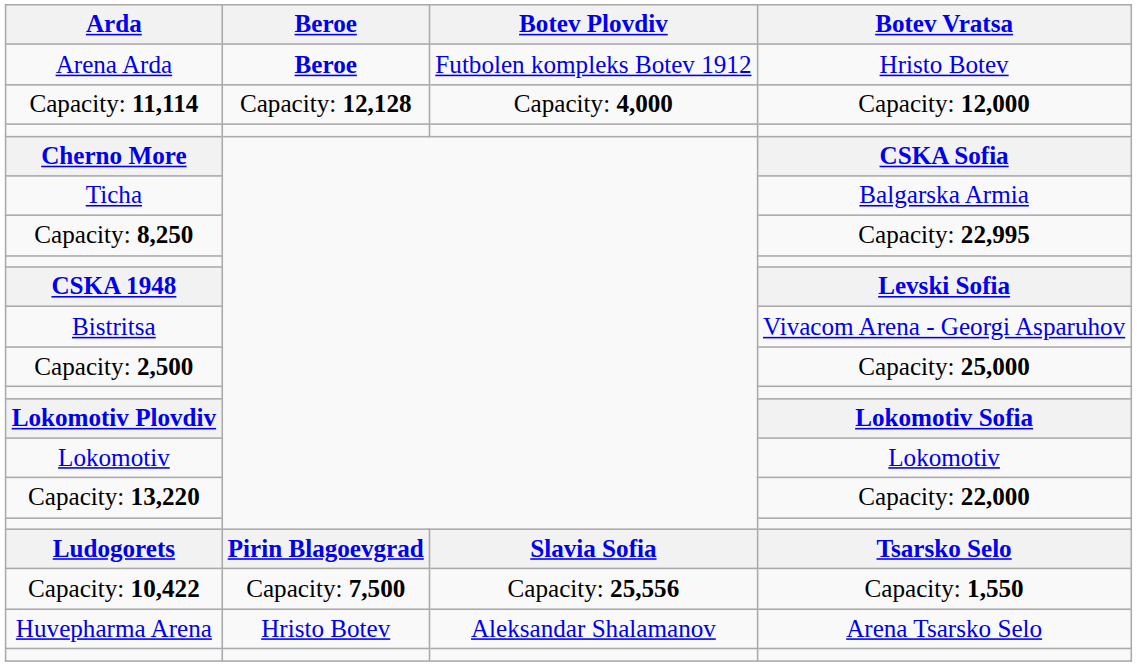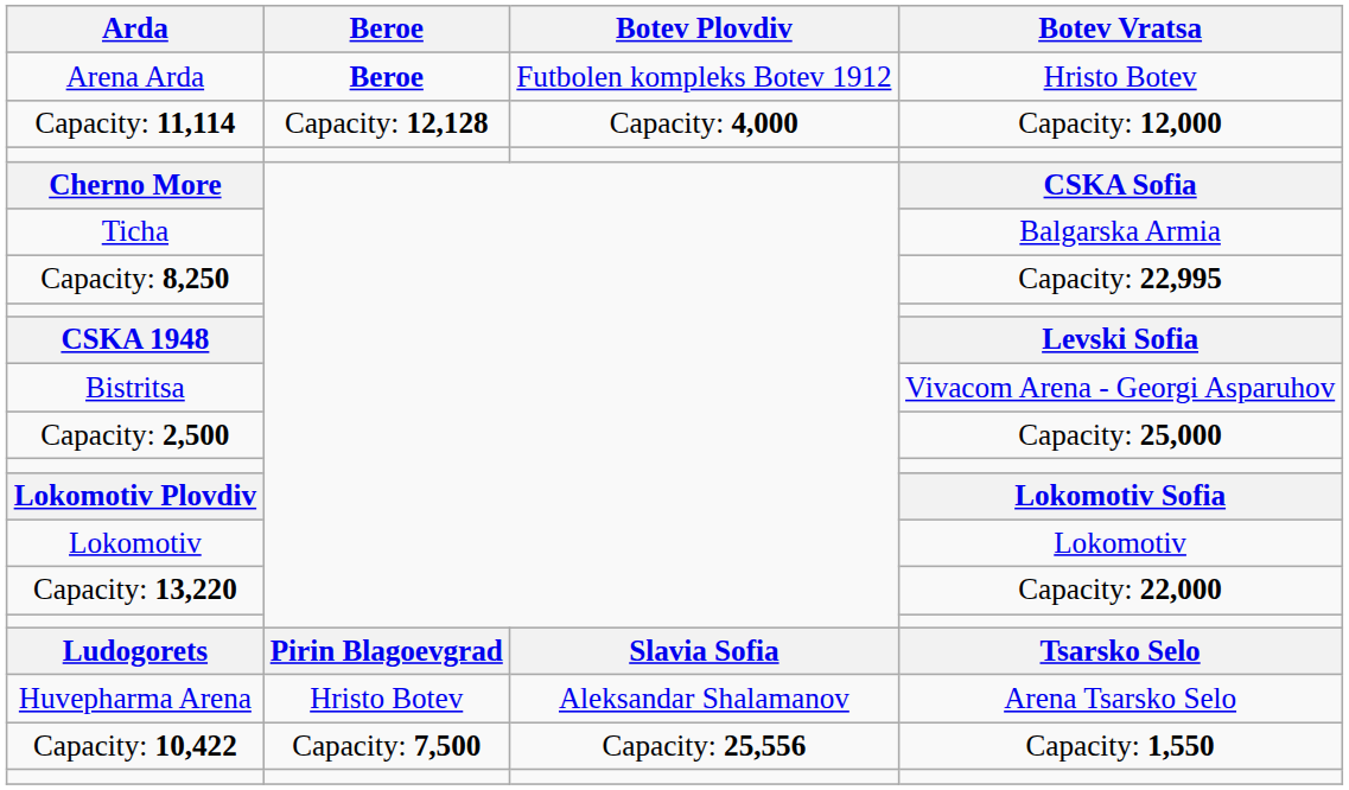 <table class="wikitable" style="text-align:center; margin:0.5em auto;">
 <tr>
 <th><a href='#'>Arda</a></th>
 <th><a href='#'>Beroe</a></th>
 <th><a href='#'>Botev Plovdiv</a></th>
 <th><a href='#'>Botev Vratsa</a></th>
 </tr>
 <tr>
 <td><a href='#'>Arena Arda</a></td>
 <td><strong><a href='#'>Beroe</a></strong></td>
 <td><a href='#'>Futbolen kompleks Botev 1912</a></td>
 <td><a href='#'>Hristo Botev</a></td>
 </tr>
 <tr>
 <td>Capacity: <strong>11,114</strong></td>
 <td>Capacity: <strong>12,128</strong></td>
 <td>Capacity: <strong>4,000</strong></td>
 <td>Capacity: <strong>12,000</strong></td>
 </tr>
 <tr>
 <td></td>
 <td></td>
 <td></td>
 <td></td>
 </tr>
 <tr>
 <th><a href='#'>Cherno More</a></th>
 <td colspan="2" rowspan="12"><br> </td>
 <th><a href='#'>CSKA Sofia</a></th>
 </tr>
 <tr>
 <td><a href='#'>Ticha</a></td>
 <td><a href='#'>Balgarska Armia</a></td>
 </tr>
 <tr>
 <td>Capacity: <strong>8,250</strong></td>
 <td>Capacity: <strong>22,995</strong></td>
 </tr>
 <tr>
 <td></td>
 <td></td>
 </tr>
 <tr>
 <th><a href='#'>CSKA 1948</a></th>
 <th><a href='#'>Levski Sofia</a></th>
 </tr>
 <tr>
 <td><a href='#'>Bistritsa</a></td>
 <td><a href='#'>Vivacom Arena - Georgi Asparuhov</a></td>
 </tr>
 <tr>
 <td>Capacity: <strong>2,500</strong></td>
 <td>Capacity: <strong>25,000</strong></td>
 </tr>
 <tr>
 <td></td>
 <td></td>
 </tr>
 <tr>
 <th><a href='#'>Lokomotiv Plovdiv</a></th>
 <th><a href='#'>Lokomotiv Sofia</a></th>
 </tr>
 <tr>
 <td><a href='#'>Lokomotiv</a></td>
 <td><a href='#'>Lokomotiv</a></td>
 </tr>
 <tr>
 <td>Capacity: <strong>13,220</strong></td>
 <td>Capacity: <strong>22,000</strong></td>
 </tr>
 <tr>
 <td></td>
 <td></td>
 </tr>
 <tr>
 <th><a href='#'>Ludogorets</a></th>
 <th><a href='#'>Pirin Blagoevgrad</a></th>
 <th><a href='#'>Slavia Sofia</a></th>
 <th><a href='#'>Tsarsko Selo</a></th>
 </tr>
 <tr>
+<td><a href='#'>Huvepharma Arena</a></td>
+<td><a href='#'>Hristo Botev</a></td>
+<td><a href='#'>Aleksandar Shalamanov</a></td>
+<td><a href='#'>Arena Tsarsko Selo</a></td>
+</tr>
+<tr>
 <td>Capacity: <strong>10,422</strong></td>
 <td>Capacity: <strong>7,500</strong></td>
 <td>Capacity: <strong>25,556</strong></td>
 <td>Capacity: <strong>1,550</strong></td>
-</tr>
-<tr>
-<td><a href='#'>Huvepharma Arena</a></td>
-<td><a href='#'>Hristo Botev</a></td>
-<td><a href='#'>Aleksandar Shalamanov</a></td>
-<td><a href='#'>Arena Tsarsko Selo</a></td>
 </tr>
 <tr>
 <td></td>
 <td></td>
 <td></td>
 <td></td>
 </tr>
 </table>
